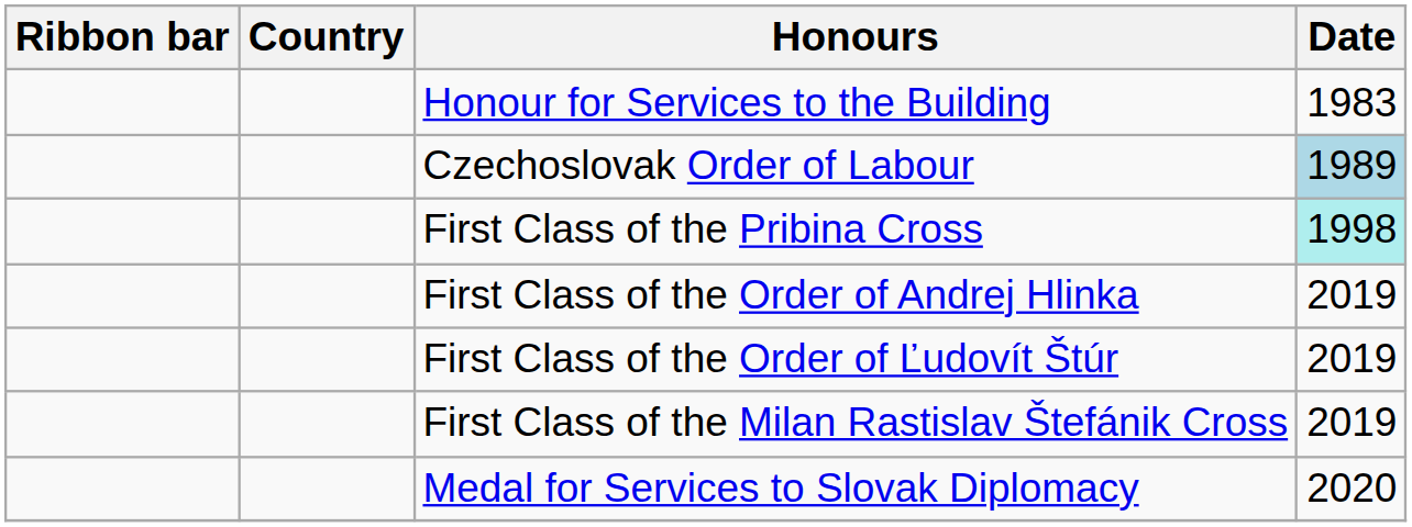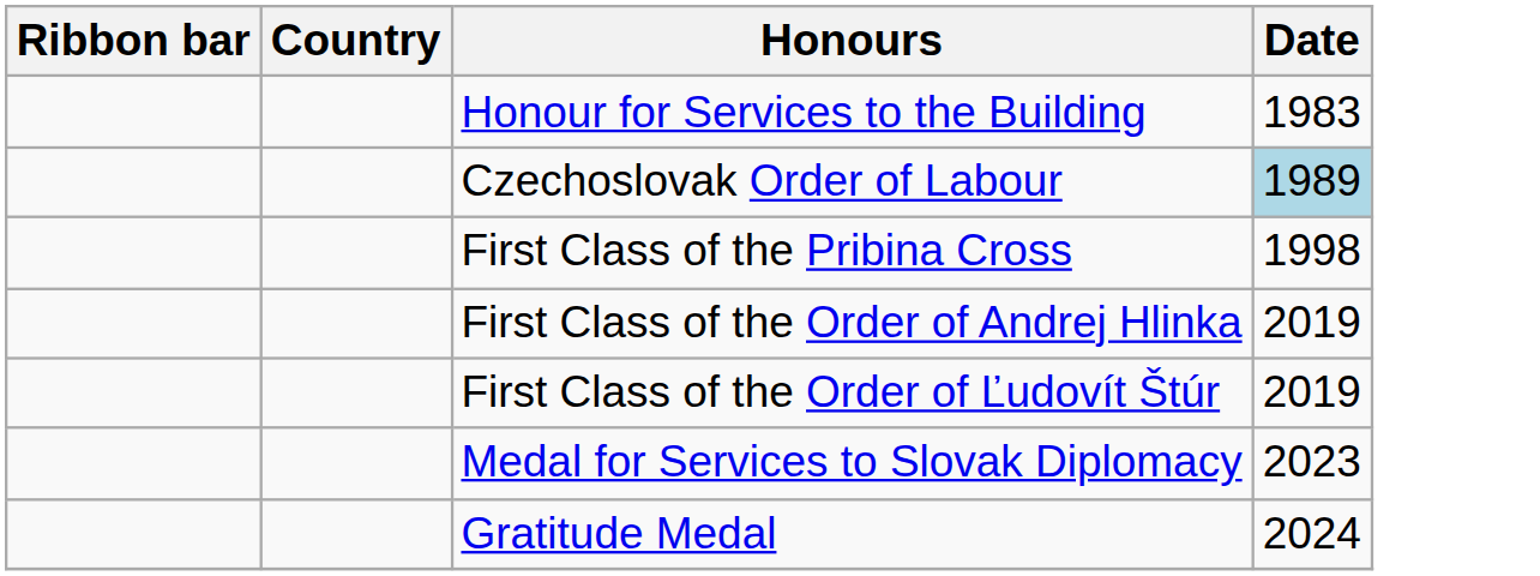 <table class="wikitable">
 <tr>
 <th style="text-align: center;">Ribbon bar</th>
 <th>Country</th>
 <th>Honours</th>
 <th>Date</th>
 </tr>
 <tr>
 <td></td>
 <td></td>
 <td><a href='#'>Honour for Services to the Building</a></td>
 <td>1983</td>
 </tr>
 <tr>
 <td></td>
 <td></td>
 <td>Czechoslovak <a href='#'>Order of Labour</a></td>
 <td style="background: lightblue;">1989</td>
 </tr>
 <tr>
 <td></td>
 <td></td>
 <td>First Class of the <a href='#'>Pribina Cross</a></td>
-<td style="background: paleturquoise;">1998</td>
+<td>1998</td>
 </tr>
 <tr>
 <td></td>
 <td></td>
 <td>First Class of the <a href='#'>Order of Andrej Hlinka</a></td>
 <td>2019</td>
 </tr>
 <tr>
 <td></td>
 <td></td>
 <td>First Class of the <a href='#'>Order of Ľudovít Štúr</a></td>
 <td>2019</td>
 </tr>
 <tr>
 <td></td>
 <td></td>
-<td>First Class of the <a href='#'>Milan Rastislav Štefánik Cross</a></td>
-<td>2019</td>
+<td><a href='#'>Medal for Services to Slovak Diplomacy</a></td>
+<td>2023</td>
 </tr>
 <tr>
 <td></td>
 <td></td>
-<td><a href='#'>Medal for Services to Slovak Diplomacy</a></td>
-<td>2020</td>
+<td><a href='#'>Gratitude Medal</a></td>
+<td>2024</td>
 </tr>
 <tr>
 </tr>
 </table>
